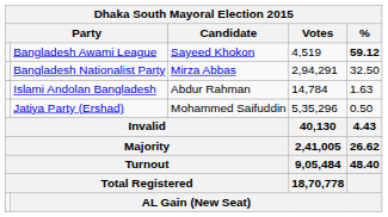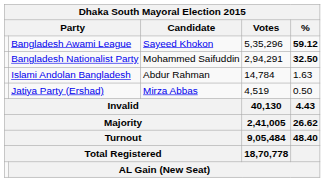 <table class="wikitable" style=text-align:left>
 <tr>
 <th style=text-align:center colspan="5">Dhaka South Mayoral Election 2015</th>
 </tr>
 <tr>
 <th colspan="2">Party</th>
 <th>Candidate</th>
 <th>Votes</th>
 <th>%</th>
 </tr>
 <tr>
 <td bgcolor=></td>
 <td><a href='#'>Bangladesh Awami League</a></td>
 <td><a href='#'>Sayeed Khokon</a></td>
-<td>4,519</td>
+<td>5,35,296</td>
 <td><strong>59.12</strong></td>
 </tr>
 <tr>
 <td bgcolor=></td>
 <td><a href='#'>Bangladesh Nationalist Party</a></td>
-<td><a href='#'>Mirza Abbas</a></td>
+<td>Mohammed Saifuddin</td>
 <td>2,94,291</td>
-<td>32.50</td>
+<td><strong>32.50</strong></td>
 </tr>
 <tr>
 <td bgcolor=></td>
 <td><a href='#'>Islami Andolan Bangladesh</a></td>
 <td>Abdur Rahman</td>
 <td>14,784</td>
 <td>1.63</td>
 </tr>
 <tr>
 <td bgcolor=></td>
 <td><a href='#'>Jatiya Party (Ershad)</a></td>
-<td>Mohammed Saifuddin</td>
-<td>5,35,296</td>
+<td><a href='#'>Mirza Abbas</a></td>
+<td>4,519</td>
 <td>0.50</td>
 </tr>
 <tr>
 <th align=right colspan=3>Invalid</th>
 <th>40,130</th>
 <th>4.43</th>
 </tr>
 <tr>
 <th align=right colspan=3>Majority</th>
 <th>2,41,005</th>
 <th>26.62</th>
 </tr>
 <tr>
 <th align=right colspan=3>Turnout</th>
 <th>9,05,484</th>
 <th>48.40</th>
 </tr>
 <tr>
 <th align=right colspan=3>Total Registered</th>
 <th>18,70,778</th>
 <th></th>
 </tr>
 <tr>
 <td style="background-color:"></td>
 <th align=left colspan=4>AL Gain (New Seat)</th>
 </tr>
 </table>
